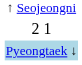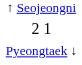 <table style="text-align:center; margin-left:1.5em;">
 <tr>
 <td><small>↑ <a href='#'>Seojeongni</a></small></td>
 </tr>
 <tr>
 <td><span>2</span>     <span>1</span></td>
 </tr>
 <tr>
-<td style="background: lightblue;"><small><a href='#'>Pyeongtaek</a> ↓</small></td>
+<td><small><a href='#'>Pyeongtaek</a> ↓</small></td>
 </tr>
 </table>
